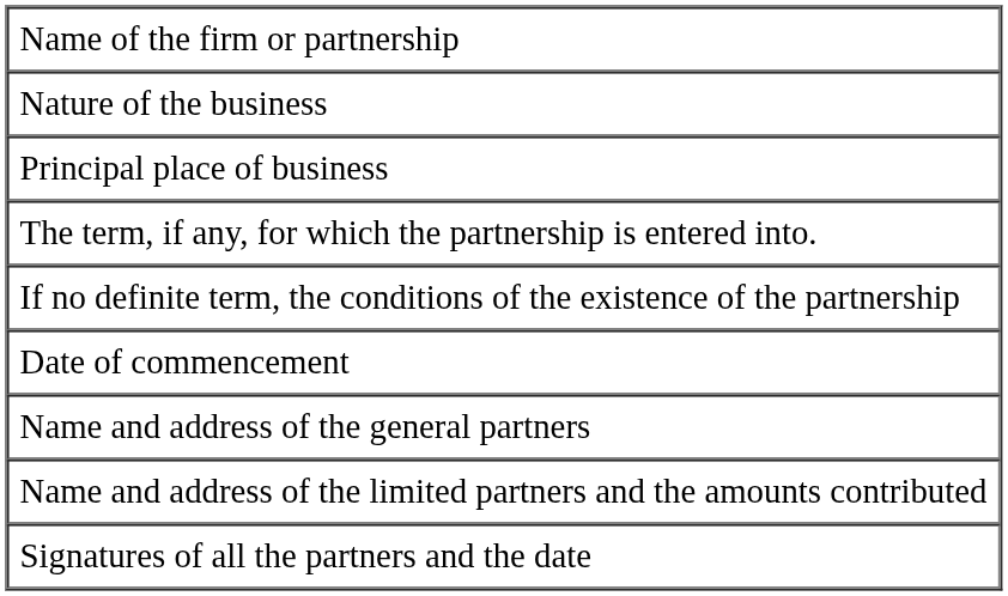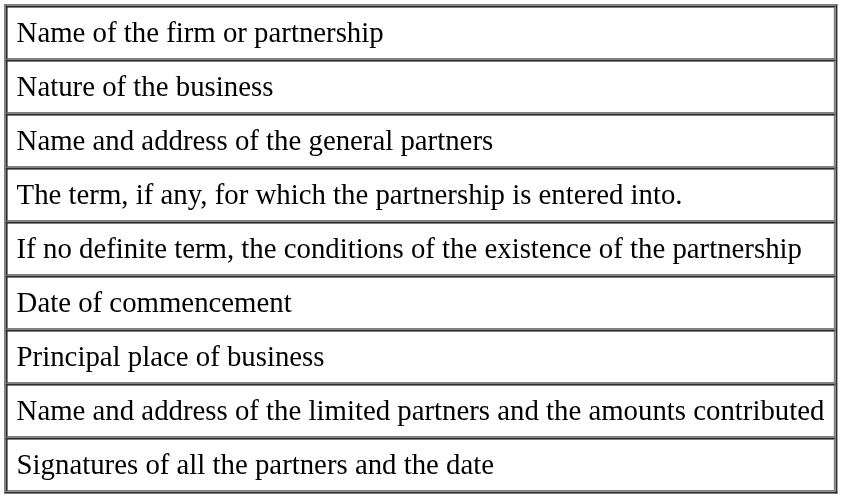 <table border="1" cellspacing="0" cellpadding="5" align="centre">
 <tr>
 <td>Name of the firm or partnership</td>
 </tr>
 <tr>
 <td>Nature of the business</td>
 </tr>
 <tr>
-<td>Principal place of business</td>
+<td>Name and address of the general partners</td>
 </tr>
 <tr>
 <td>The term, if any, for which the partnership is entered into.</td>
 </tr>
 <tr>
 <td>If no definite term, the conditions of the existence of the partnership</td>
 </tr>
 <tr>
 <td>Date of commencement</td>
 </tr>
 <tr>
-<td>Name and address of the general partners</td>
+<td>Principal place of business</td>
 </tr>
 <tr>
 <td>Name and address of the limited partners and the amounts contributed</td>
 </tr>
 <tr>
 <td>Signatures of all the partners and the date</td>
 </tr>
 <tr>
 </tr>
 </table>
